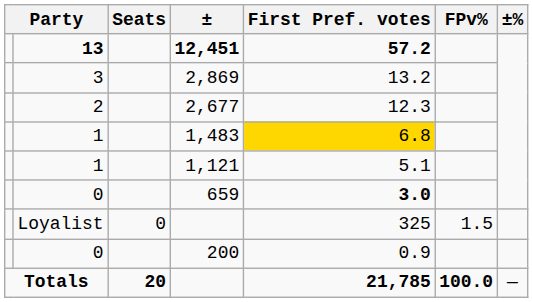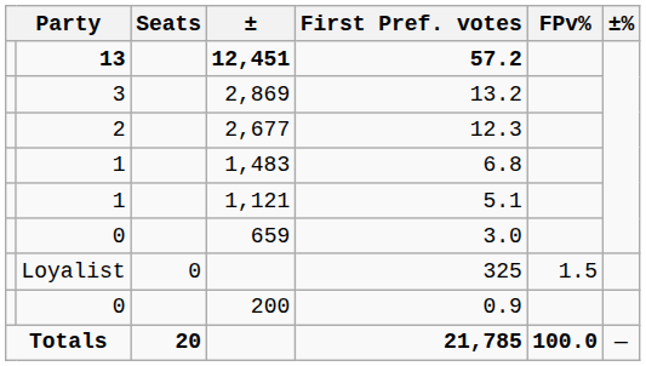 <table class=wikitable>
 <tr>
 <th colspan=2 align=center>Party</th>
 <th valign=top>Seats</th>
 <th valign=top>±</th>
 <th valign=top>First Pref. votes</th>
 <th valign=top>FPv%</th>
 <th valign=top>±%</th>
 </tr>
 <tr>
 <td></td>
 <td align=right><strong>13</strong></td>
 <td align=right></td>
 <td align=right><strong>12,451</strong></td>
 <td align=right><strong>57.2</strong></td>
 <td align=right></td>
 </tr>
 <tr>
 <td></td>
 <td align=right>3</td>
 <td align=right></td>
 <td align=right>2,869</td>
 <td align=right>13.2</td>
 <td align=right></td>
 </tr>
 <tr>
 <td></td>
 <td align=right>2</td>
 <td align=right></td>
 <td align=right>2,677</td>
 <td align=right>12.3</td>
 <td align=right></td>
 </tr>
 <tr>
 <td></td>
 <td align=right>1</td>
 <td align=right></td>
 <td align=right>1,483</td>
-<td align=right style="background: gold;">6.8</td>
+<td align=right>6.8</td>
 <td align=right></td>
 </tr>
 <tr>
 <td></td>
 <td align=right>1</td>
 <td align=right></td>
 <td align=right>1,121</td>
 <td align=right>5.1</td>
 <td align=right></td>
 </tr>
 <tr>
 <td></td>
 <td align=right>0</td>
 <td align=right></td>
 <td align=right>659</td>
-<td align=right><strong>3.0</strong></td>
+<td align=right>3.0</td>
 <td align=right></td>
 </tr>
 <tr>
 <td></td>
 <td>Loyalist</td>
 <td align=right>0</td>
 <td align=right></td>
 <td align=right>325</td>
 <td align=right>1.5</td>
 <td align=right></td>
 </tr>
 <tr>
 <td></td>
 <td align=right>0</td>
 <td align=right></td>
 <td align=right>200</td>
 <td align=right>0.9</td>
 <td align=right></td>
 </tr>
 <tr>
 <td colspan=2 align=center><strong>Totals</strong></td>
 <td align=right><strong>20</strong></td>
 <td align=center></td>
 <td align=right><strong>21,785</strong></td>
 <td align=center><strong>100.0</strong></td>
 <td align=center>—</td>
 </tr>
 </table>
